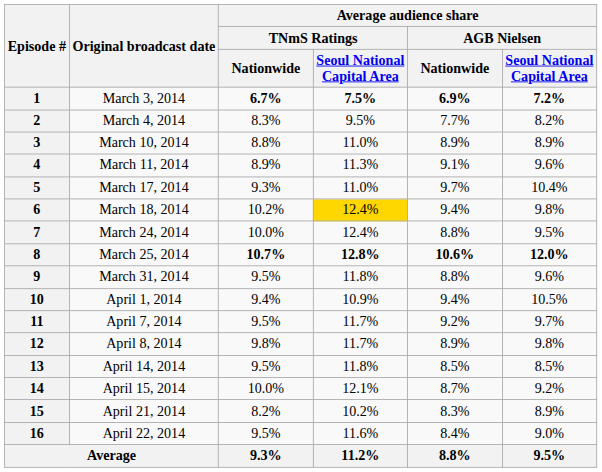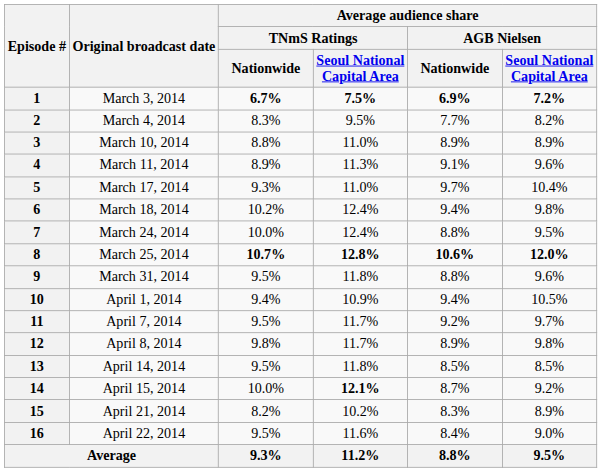 <table class=wikitable style="text-align:center">
 <tr>
 <th rowspan="3">Episode #</th>
 <th rowspan="3">Original broadcast date</th>
 <th colspan="4">Average audience share</th>
 </tr>
 <tr>
 <th colspan="2">TNmS Ratings</th>
 <th colspan="2">AGB Nielsen</th>
 </tr>
 <tr>
 <th width=100>Nationwide</th>
 <th width=100><a href='#'>Seoul National Capital Area</a></th>
 <th width=100>Nationwide</th>
 <th width=100><a href='#'>Seoul National Capital Area</a></th>
 </tr>
 <tr>
 <th>1</th>
 <td>March 3, 2014</td>
 <td><span><strong>6.7%</strong></span></td>
 <td><span><strong>7.5%</strong></span></td>
 <td><span><strong>6.9%</strong></span></td>
 <td><span><strong>7.2%</strong></span></td>
 </tr>
 <tr>
 <th>2</th>
 <td>March 4, 2014</td>
 <td>8.3%</td>
 <td>9.5%</td>
 <td>7.7%</td>
 <td>8.2%</td>
 </tr>
 <tr>
 <th>3</th>
 <td>March 10, 2014</td>
 <td>8.8%</td>
 <td>11.0%</td>
 <td>8.9%</td>
 <td>8.9%</td>
 </tr>
 <tr>
 <th>4</th>
 <td>March 11, 2014</td>
 <td>8.9%</td>
 <td>11.3%</td>
 <td>9.1%</td>
 <td>9.6%</td>
 </tr>
 <tr>
 <th>5</th>
 <td>March 17, 2014</td>
 <td>9.3%</td>
 <td>11.0%</td>
 <td>9.7%</td>
 <td>10.4%</td>
 </tr>
 <tr>
 <th>6</th>
 <td>March 18, 2014</td>
 <td>10.2%</td>
-<td style="background: gold;">12.4%</td>
+<td>12.4%</td>
 <td>9.4%</td>
 <td>9.8%</td>
 </tr>
 <tr>
 <th>7</th>
 <td>March 24, 2014</td>
 <td>10.0%</td>
 <td>12.4%</td>
 <td>8.8%</td>
 <td>9.5%</td>
 </tr>
 <tr>
 <th>8</th>
 <td>March 25, 2014</td>
 <td><span><strong>10.7%</strong></span></td>
 <td><span><strong>12.8%</strong></span></td>
 <td><span><strong>10.6%</strong></span></td>
 <td><span><strong>12.0%</strong></span></td>
 </tr>
 <tr>
 <th>9</th>
 <td>March 31, 2014</td>
 <td>9.5%</td>
 <td>11.8%</td>
 <td>8.8%</td>
 <td>9.6%</td>
 </tr>
 <tr>
 <th>10</th>
 <td>April 1, 2014</td>
 <td>9.4%</td>
 <td>10.9%</td>
 <td>9.4%</td>
 <td>10.5%</td>
 </tr>
 <tr>
 <th>11</th>
 <td>April 7, 2014</td>
 <td>9.5%</td>
 <td>11.7%</td>
 <td>9.2%</td>
 <td>9.7%</td>
 </tr>
 <tr>
 <th>12</th>
 <td>April 8, 2014</td>
 <td>9.8%</td>
 <td>11.7%</td>
 <td>8.9%</td>
 <td>9.8%</td>
 </tr>
 <tr>
 <th>13</th>
 <td>April 14, 2014</td>
 <td>9.5%</td>
 <td>11.8%</td>
 <td>8.5%</td>
 <td>8.5%</td>
 </tr>
 <tr>
 <th>14</th>
 <td>April 15, 2014</td>
 <td>10.0%</td>
-<td>12.1%</td>
+<td><strong>12.1%</strong></td>
 <td>8.7%</td>
 <td>9.2%</td>
 </tr>
 <tr>
 <th>15</th>
 <td>April 21, 2014</td>
 <td>8.2%</td>
 <td>10.2%</td>
 <td>8.3%</td>
 <td>8.9%</td>
 </tr>
 <tr>
 <th>16</th>
 <td>April 22, 2014</td>
 <td>9.5%</td>
 <td>11.6%</td>
 <td>8.4%</td>
 <td>9.0%</td>
 </tr>
 <tr>
 <th colspan=2>Average</th>
 <th>9.3%</th>
 <th>11.2%</th>
 <th>8.8%</th>
 <th>9.5%</th>
 </tr>
 </table>
